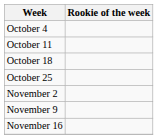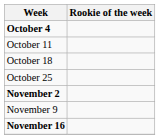 <table class="wikitable">
 <tr>
 <th>Week</th>
 <th>Rookie of the week</th>
 </tr>
 <tr>
-<td>October 4</td>
+<td><strong>October 4</strong></td>
 <td></td>
 </tr>
 <tr>
 <td>October 11</td>
 <td></td>
 </tr>
 <tr>
 <td>October 18</td>
 <td></td>
 </tr>
 <tr>
 <td>October 25</td>
 <td></td>
 </tr>
 <tr>
-<td>November 2</td>
+<td><strong>November 2</strong></td>
 <td></td>
 </tr>
 <tr>
 <td>November 9</td>
 <td></td>
 </tr>
 <tr>
-<td>November 16</td>
+<td><strong>November 16</strong></td>
 <td></td>
 </tr>
 <tr>
 </tr>
 </table>
